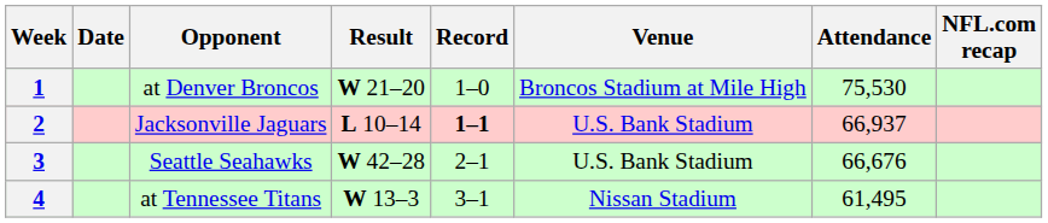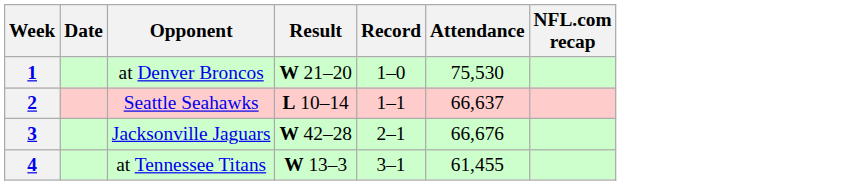 <table class="wikitable" style="text-align:center">
 <tr>
 <th>Week</th>
 <th>Date</th>
 <th>Opponent</th>
 <th>Result</th>
 <th>Record</th>
-<th>Venue</th>
 <th>Attendance</th>
 <th>NFL.com<br>recap</th>
 </tr>
 <tr style="background:#cfc">
 <th><a href='#'>1</a></th>
 <td></td>
 <td>at <a href='#'>Denver Broncos</a></td>
 <td><strong>W</strong> 21–20</td>
 <td>1–0</td>
-<td><a href='#'>Broncos Stadium at Mile High</a></td>
 <td>75,530</td>
 <td></td>
 </tr>
 <tr style="background:#fcc">
 <th><a href='#'>2</a></th>
 <td></td>
-<td><a href='#'>Jacksonville Jaguars</a></td>
+<td><a href='#'>Seattle Seahawks</a></td>
 <td><strong>L</strong> 10–14</td>
-<td><strong>1–1</strong></td>
-<td><a href='#'>U.S. Bank Stadium</a></td>
-<td>66,937</td>
+<td>1–1</td>
+<td>66,637</td>
 <td></td>
 </tr>
 <tr style="background:#cfc">
 <th><a href='#'>3</a></th>
 <td></td>
-<td><a href='#'>Seattle Seahawks</a></td>
+<td><a href='#'>Jacksonville Jaguars</a></td>
 <td><strong>W</strong> 42–28</td>
 <td>2–1</td>
-<td>U.S. Bank Stadium</td>
 <td>66,676</td>
 <td></td>
 </tr>
 <tr style="background:#cfc">
 <th><a href='#'>4</a></th>
 <td></td>
 <td>at <a href='#'>Tennessee Titans</a></td>
 <td><strong>W</strong> 13–3</td>
 <td>3–1</td>
-<td><a href='#'>Nissan Stadium</a></td>
-<td>61,495</td>
+<td>61,455</td>
 <td></td>
 </tr>
 </table>
